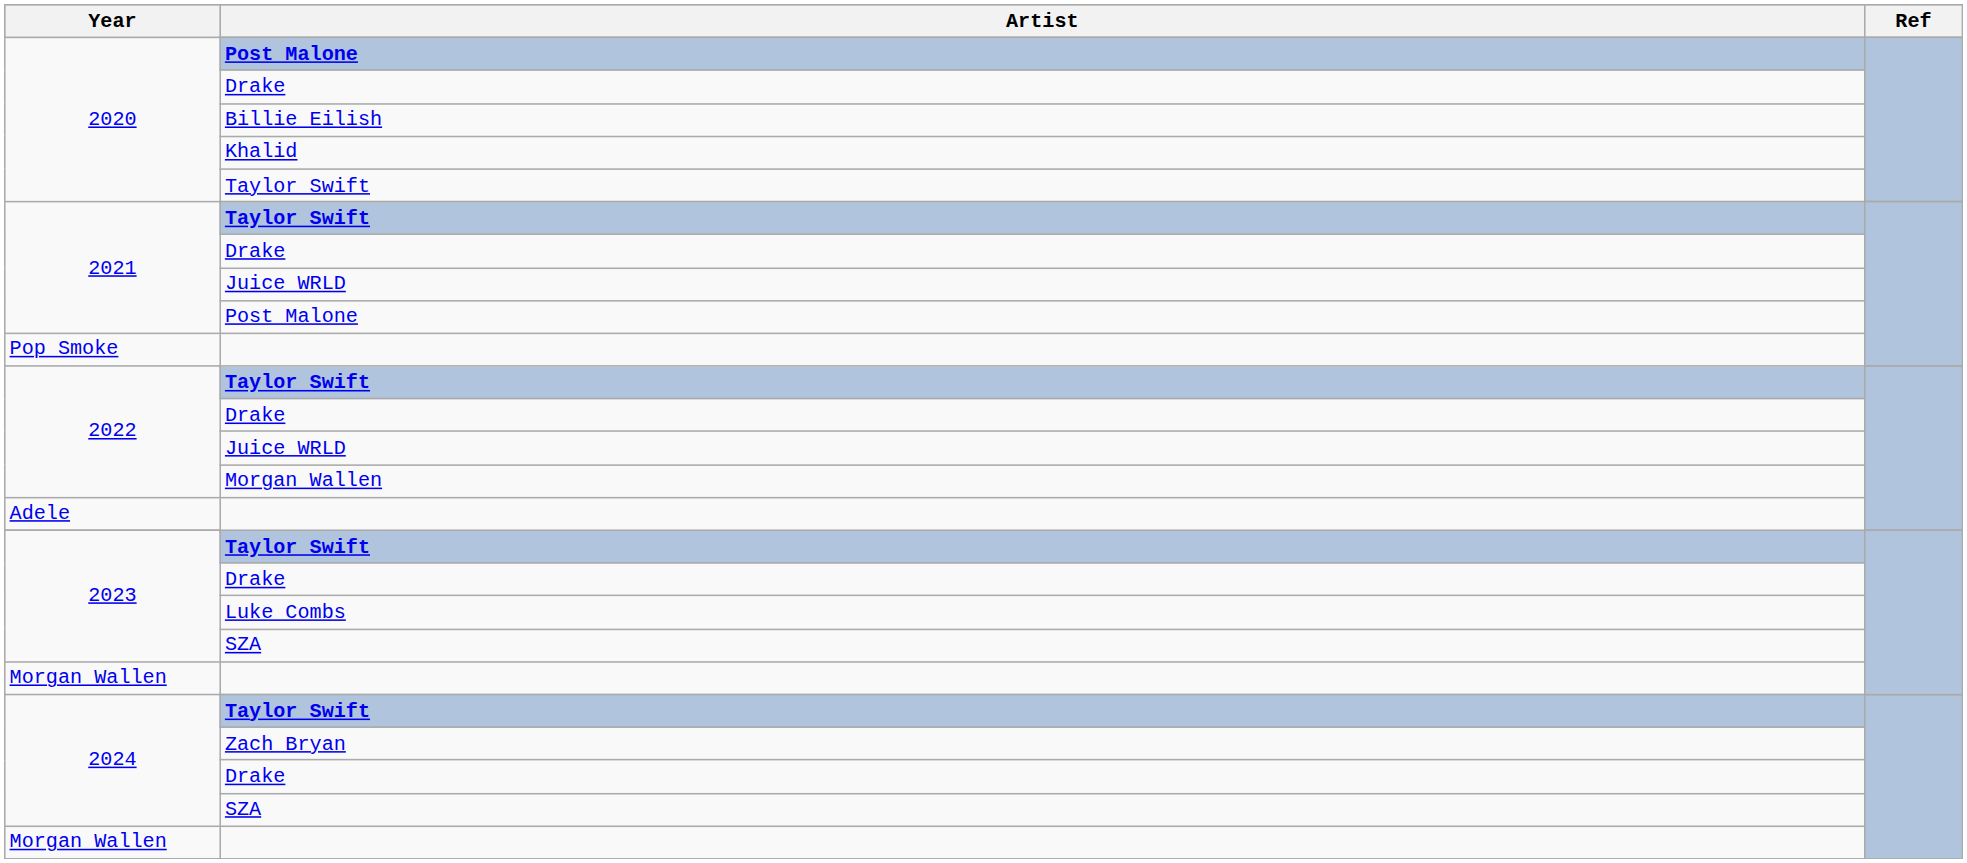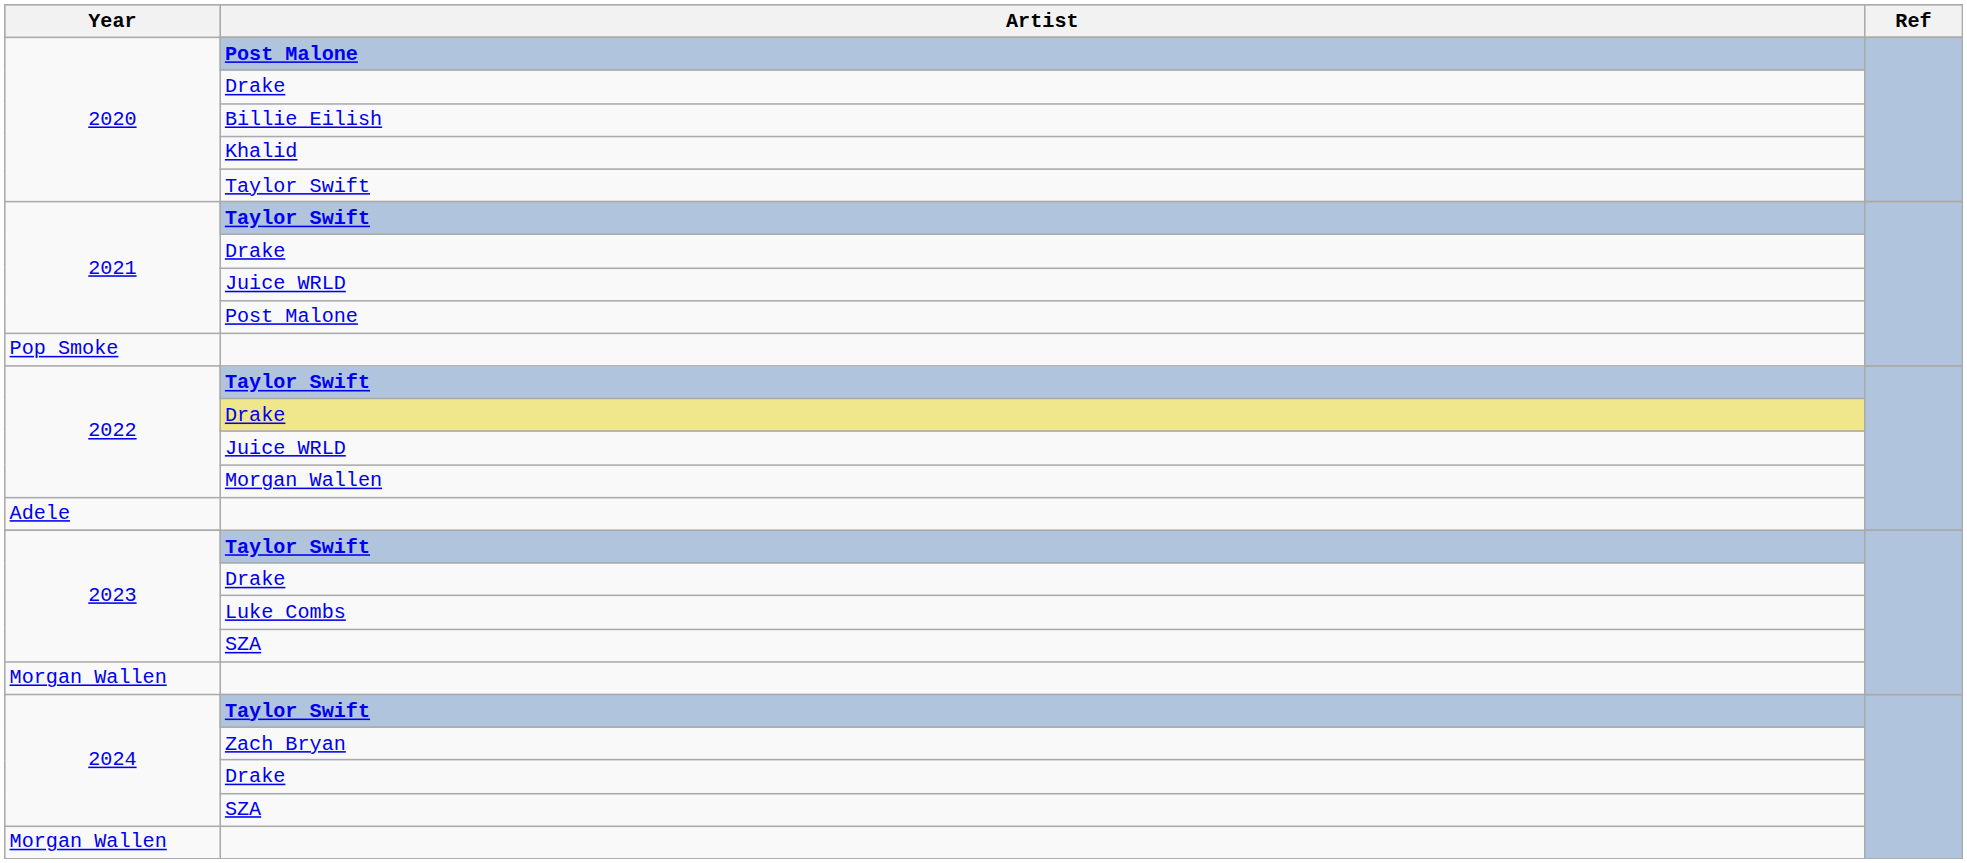 <table class="wikitable" style="width:100%;">
 <tr style="background:#bebebe;">
 <th style="width:11%;">Year</th>
 <th style="width:84%;">Artist</th>
 <th style="width:5%;">Ref</th>
 </tr>
 <tr>
 <td rowspan="6" align="center"><a href='#'>2020</a></td>
 </tr>
 <tr style="background:#B0C4DE">
 <td><strong><a href='#'>Post Malone</a></strong></td>
 <td rowspan="6" align="center"></td>
 </tr>
 <tr>
 <td><a href='#'>Drake</a></td>
 </tr>
 <tr>
 <td><a href='#'>Billie Eilish</a></td>
 </tr>
 <tr>
 <td><a href='#'>Khalid</a></td>
 </tr>
 <tr>
 <td><a href='#'>Taylor Swift</a></td>
 </tr>
 <tr>
 <td rowspan="6" align="center"><a href='#'>2021</a></td>
 </tr>
 <tr>
 </tr>
 <tr style="background:#B0C4DE">
 <td><strong><a href='#'>Taylor Swift</a></strong></td>
 <td rowspan="6" align="center"></td>
 </tr>
 <tr>
 <td><a href='#'>Drake</a></td>
 </tr>
 <tr>
 <td><a href='#'>Juice WRLD</a></td>
 </tr>
 <tr>
 <td><a href='#'>Post Malone</a></td>
 </tr>
 <tr>
 <td><a href='#'>Pop Smoke</a></td>
 </tr>
 <tr>
 <td rowspan="6" align="center"><a href='#'>2022</a></td>
 </tr>
 <tr>
 </tr>
 <tr style="background:#B0C4DE">
 <td><strong><a href='#'>Taylor Swift</a></strong></td>
 <td rowspan="6" align="center"></td>
 </tr>
 <tr>
-<td><a href='#'>Drake</a></td>
+<td style="background: khaki;"><a href='#'>Drake</a></td>
 </tr>
 <tr>
 <td><a href='#'>Juice WRLD</a></td>
 </tr>
 <tr>
 <td><a href='#'>Morgan Wallen</a></td>
 </tr>
 <tr>
 <td><a href='#'>Adele</a></td>
 </tr>
 <tr>
 </tr>
 <tr>
 <td rowspan="6" align="center"><a href='#'>2023</a></td>
 </tr>
 <tr>
 </tr>
 <tr style="background:#B0C4DE">
 <td><strong><a href='#'>Taylor Swift</a></strong></td>
 <td rowspan="6" align="center"></td>
 </tr>
 <tr>
 <td><a href='#'>Drake</a></td>
 </tr>
 <tr>
 <td><a href='#'>Luke Combs</a></td>
 </tr>
 <tr>
 <td><a href='#'>SZA</a></td>
 </tr>
 <tr>
 <td><a href='#'>Morgan Wallen</a></td>
 </tr>
 <tr>
 <td rowspan="6" align="center"><a href='#'>2024</a></td>
 </tr>
 <tr>
 </tr>
 <tr style="background:#B0C4DE">
 <td><strong><a href='#'>Taylor Swift</a></strong></td>
 <td rowspan="6" align="center"></td>
 </tr>
 <tr>
 <td><a href='#'>Zach Bryan</a></td>
 </tr>
 <tr>
 <td><a href='#'>Drake</a></td>
 </tr>
 <tr>
 <td><a href='#'>SZA</a></td>
 </tr>
 <tr>
 <td><a href='#'>Morgan Wallen</a></td>
 </tr>
 <tr>
 </tr>
 </table>
